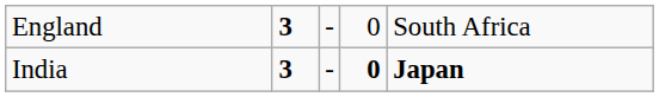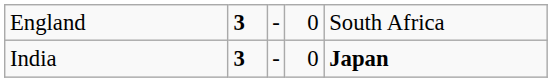 <table class="wikitable">
 <tr>
 <td width=150> England</td>
 <td style="width:20px; text-align:left;"><strong>3</strong></td>
 <td>-</td>
 <td style="width:20px; text-align:right;">0</td>
 <td width=150> South Africa</td>
 </tr>
 <tr>
 <td> India</td>
 <td style="text-align:left;"><strong>3</strong></td>
 <td>-</td>
-<td style="text-align:right;"><strong>0</strong></td>
+<td style="text-align:right;">0</td>
 <td><strong> Japan</strong></td>
 </tr>
 </table>
